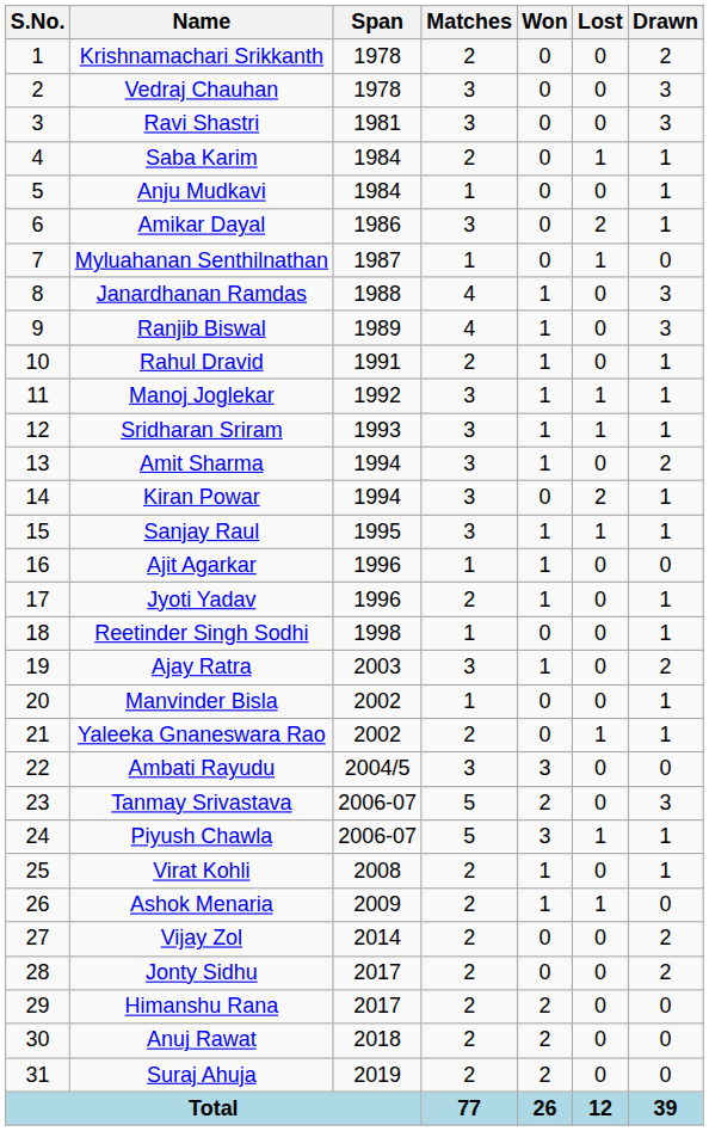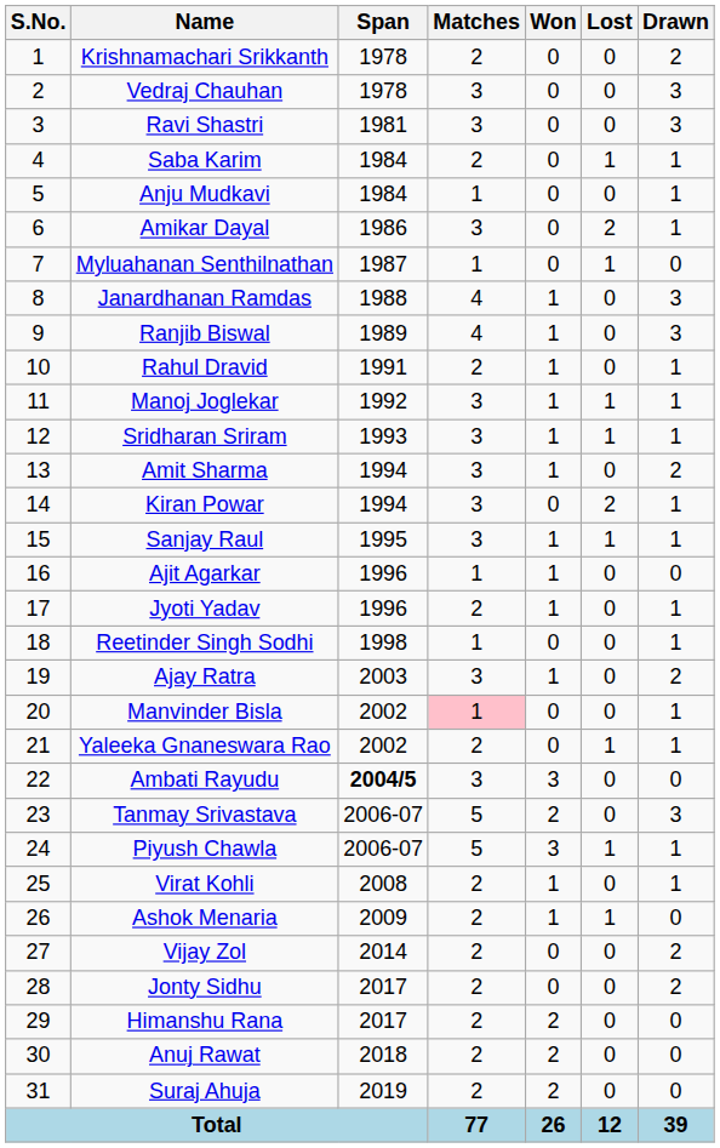 <table class="sortable wikitable"style="text-align:center;"style="font-size: 90%">
 <tr>
 <th>S.No.</th>
 <th>Name</th>
 <th>Span</th>
 <th>Matches</th>
 <th>Won</th>
 <th>Lost</th>
 <th>Drawn</th>
 </tr>
 <tr>
 <td>1</td>
 <td><a href='#'>Krishnamachari Srikkanth</a></td>
 <td>1978</td>
 <td>2</td>
 <td>0</td>
 <td>0</td>
 <td>2</td>
 </tr>
 <tr>
 <td>2</td>
 <td><a href='#'>Vedraj Chauhan</a></td>
 <td>1978</td>
 <td>3</td>
 <td>0</td>
 <td>0</td>
 <td>3</td>
 </tr>
 <tr>
 <td>3</td>
 <td><a href='#'>Ravi Shastri</a></td>
 <td>1981</td>
 <td>3</td>
 <td>0</td>
 <td>0</td>
 <td>3</td>
 </tr>
 <tr>
 <td>4</td>
 <td><a href='#'>Saba Karim</a></td>
 <td>1984</td>
 <td>2</td>
 <td>0</td>
 <td>1</td>
 <td>1</td>
 </tr>
 <tr>
 <td>5</td>
 <td><a href='#'>Anju Mudkavi</a></td>
 <td>1984</td>
 <td>1</td>
 <td>0</td>
 <td>0</td>
 <td>1</td>
 </tr>
 <tr>
 <td>6</td>
 <td><a href='#'>Amikar Dayal</a></td>
 <td>1986</td>
 <td>3</td>
 <td>0</td>
 <td>2</td>
 <td>1</td>
 </tr>
 <tr>
 <td>7</td>
 <td><a href='#'>Myluahanan Senthilnathan</a></td>
 <td>1987</td>
 <td>1</td>
 <td>0</td>
 <td>1</td>
 <td>0</td>
 </tr>
 <tr>
 <td>8</td>
 <td><a href='#'>Janardhanan Ramdas</a></td>
 <td>1988</td>
 <td>4</td>
 <td>1</td>
 <td>0</td>
 <td>3</td>
 </tr>
 <tr>
 <td>9</td>
 <td><a href='#'>Ranjib Biswal</a></td>
 <td>1989</td>
 <td>4</td>
 <td>1</td>
 <td>0</td>
 <td>3</td>
 </tr>
 <tr>
 <td>10</td>
 <td><a href='#'>Rahul Dravid</a></td>
 <td>1991</td>
 <td>2</td>
 <td>1</td>
 <td>0</td>
 <td>1</td>
 </tr>
 <tr>
 <td>11</td>
 <td><a href='#'>Manoj Joglekar</a></td>
 <td>1992</td>
 <td>3</td>
 <td>1</td>
 <td>1</td>
 <td>1</td>
 </tr>
 <tr>
 <td>12</td>
 <td><a href='#'>Sridharan Sriram</a></td>
 <td>1993</td>
 <td>3</td>
 <td>1</td>
 <td>1</td>
 <td>1</td>
 </tr>
 <tr>
 <td>13</td>
 <td><a href='#'>Amit Sharma</a></td>
 <td>1994</td>
 <td>3</td>
 <td>1</td>
 <td>0</td>
 <td>2</td>
 </tr>
 <tr>
 <td>14</td>
 <td><a href='#'>Kiran Powar</a></td>
 <td>1994</td>
 <td>3</td>
 <td>0</td>
 <td>2</td>
 <td>1</td>
 </tr>
 <tr>
 <td>15</td>
 <td><a href='#'>Sanjay Raul</a></td>
 <td>1995</td>
 <td>3</td>
 <td>1</td>
 <td>1</td>
 <td>1</td>
 </tr>
 <tr>
 <td>16</td>
 <td><a href='#'>Ajit Agarkar</a></td>
 <td>1996</td>
 <td>1</td>
 <td>1</td>
 <td>0</td>
 <td>0</td>
 </tr>
 <tr>
 <td>17</td>
 <td><a href='#'>Jyoti Yadav</a></td>
 <td>1996</td>
 <td>2</td>
 <td>1</td>
 <td>0</td>
 <td>1</td>
 </tr>
 <tr>
 <td>18</td>
 <td><a href='#'>Reetinder Singh Sodhi</a></td>
 <td>1998</td>
 <td>1</td>
 <td>0</td>
 <td>0</td>
 <td>1</td>
 </tr>
 <tr>
 <td>19</td>
 <td><a href='#'>Ajay Ratra</a></td>
 <td>2003</td>
 <td>3</td>
 <td>1</td>
 <td>0</td>
 <td>2</td>
 </tr>
 <tr>
 <td>20</td>
 <td><a href='#'>Manvinder Bisla</a></td>
 <td>2002</td>
-<td>1</td>
+<td style="background: pink;">1</td>
 <td>0</td>
 <td>0</td>
 <td>1</td>
 </tr>
 <tr>
 <td>21</td>
 <td><a href='#'>Yaleeka Gnaneswara Rao</a></td>
 <td>2002</td>
 <td>2</td>
 <td>0</td>
 <td>1</td>
 <td>1</td>
 </tr>
 <tr>
 <td>22</td>
 <td><a href='#'>Ambati Rayudu</a></td>
-<td>2004/5</td>
+<td><strong>2004/5</strong></td>
 <td>3</td>
 <td>3</td>
 <td>0</td>
 <td>0</td>
 </tr>
 <tr>
 <td>23</td>
 <td><a href='#'>Tanmay Srivastava</a></td>
 <td>2006-07</td>
 <td>5</td>
 <td>2</td>
 <td>0</td>
 <td>3</td>
 </tr>
 <tr>
 <td>24</td>
 <td><a href='#'>Piyush Chawla</a></td>
 <td>2006-07</td>
 <td>5</td>
 <td>3</td>
 <td>1</td>
 <td>1</td>
 </tr>
 <tr>
 <td>25</td>
 <td><a href='#'>Virat Kohli</a></td>
 <td>2008</td>
 <td>2</td>
 <td>1</td>
 <td>0</td>
 <td>1</td>
 </tr>
 <tr>
 <td>26</td>
 <td><a href='#'>Ashok Menaria</a></td>
 <td>2009</td>
 <td>2</td>
 <td>1</td>
 <td>1</td>
 <td>0</td>
 </tr>
 <tr>
 <td>27</td>
 <td><a href='#'>Vijay Zol</a></td>
 <td>2014</td>
 <td>2</td>
 <td>0</td>
 <td>0</td>
 <td>2</td>
 </tr>
 <tr>
 <td>28</td>
 <td><a href='#'>Jonty Sidhu</a></td>
 <td>2017</td>
 <td>2</td>
 <td>0</td>
 <td>0</td>
 <td>2</td>
 </tr>
 <tr>
 <td>29</td>
 <td><a href='#'>Himanshu Rana</a></td>
 <td>2017</td>
 <td>2</td>
 <td>2</td>
 <td>0</td>
 <td>0</td>
 </tr>
 <tr>
 <td>30</td>
 <td><a href='#'>Anuj Rawat</a></td>
 <td>2018</td>
 <td>2</td>
 <td>2</td>
 <td>0</td>
 <td>0</td>
 </tr>
 <tr>
 <td>31</td>
 <td><a href='#'>Suraj Ahuja</a></td>
 <td>2019</td>
 <td>2</td>
 <td>2</td>
 <td>0</td>
 <td>0</td>
 </tr>
 <tr bgcolor="lightblue">
 <td colspan=3><strong>Total</strong></td>
 <td><strong>77</strong></td>
 <td><strong>26</strong></td>
 <td><strong>12</strong></td>
 <td><strong>39</strong></td>
 </tr>
 </table>
